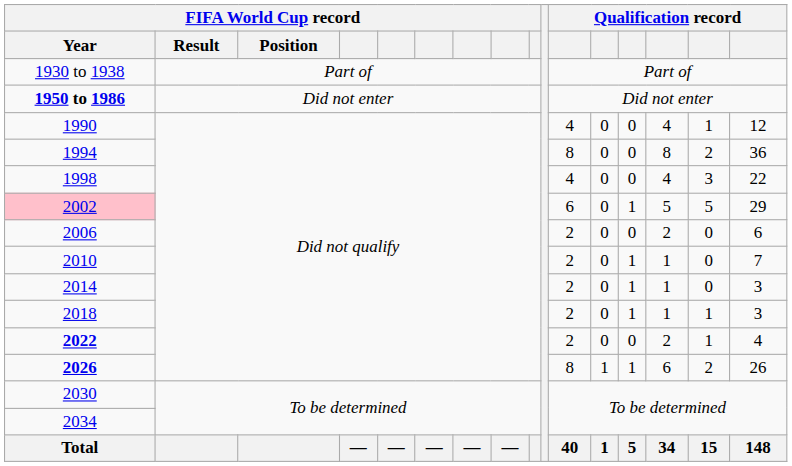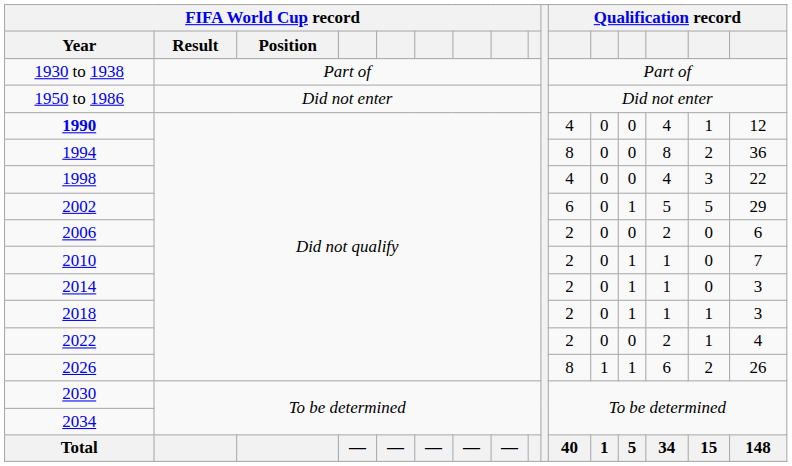 <table class="wikitable" style="text-align: center">
 <tr>
 <th colspan="9"><a href='#'>FIFA World Cup</a> record</th>
 <th rowspan="17" style="width:1%;"></th>
 <th colspan="7"><a href='#'>Qualification</a> record</th>
 </tr>
 <tr>
 <th>Year</th>
 <th>Result</th>
 <th>Position</th>
 <th></th>
 <th></th>
 <th></th>
 <th></th>
 <th></th>
 <th></th>
 <th></th>
 <th></th>
 <th></th>
 <th></th>
 <th></th>
 <th></th>
 </tr>
 <tr>
 <td><a href='#'>1930</a> to <a href='#'>1938</a></td>
 <td colspan="8"><em>Part of </em></td>
 <td colspan="6"><em>Part of </em></td>
 </tr>
 <tr>
-<td><strong><a href='#'>1950</a> to <a href='#'>1986</a></strong></td>
+<td><a href='#'>1950</a> to <a href='#'>1986</a></td>
 <td colspan="8"><em>Did not enter</em></td>
 <td colspan="6"><em>Did not enter</em></td>
 </tr>
 <tr>
-<td> <a href='#'>1990</a></td>
+<td><strong> <a href='#'>1990</a></strong></td>
 <td colspan="8" rowspan="10"><em>Did not qualify</em></td>
 <td>4</td>
 <td>0</td>
 <td>0</td>
 <td>4</td>
 <td>1</td>
 <td>12</td>
 </tr>
 <tr>
 <td> <a href='#'>1994</a></td>
 <td>8</td>
 <td>0</td>
 <td>0</td>
 <td>8</td>
 <td>2</td>
 <td>36</td>
 </tr>
 <tr>
 <td> <a href='#'>1998</a></td>
 <td>4</td>
 <td>0</td>
 <td>0</td>
 <td>4</td>
 <td>3</td>
 <td>22</td>
 </tr>
 <tr>
-<td style="background: pink;">  <a href='#'>2002</a></td>
+<td>  <a href='#'>2002</a></td>
 <td>6</td>
 <td>0</td>
 <td>1</td>
 <td>5</td>
 <td>5</td>
 <td>29</td>
 </tr>
 <tr>
 <td> <a href='#'>2006</a></td>
 <td>2</td>
 <td>0</td>
 <td>0</td>
 <td>2</td>
 <td>0</td>
 <td>6</td>
 </tr>
 <tr>
 <td> <a href='#'>2010</a></td>
 <td>2</td>
 <td>0</td>
 <td>1</td>
 <td>1</td>
 <td>0</td>
 <td>7</td>
 </tr>
 <tr>
 <td> <a href='#'>2014</a></td>
 <td>2</td>
 <td>0</td>
 <td>1</td>
 <td>1</td>
 <td>0</td>
 <td>3</td>
 </tr>
 <tr>
 <td> <a href='#'>2018</a></td>
 <td>2</td>
 <td>0</td>
 <td>1</td>
 <td>1</td>
 <td>1</td>
 <td>3</td>
 </tr>
 <tr>
-<td><strong> <a href='#'>2022</a></strong></td>
+<td> <a href='#'>2022</a></td>
 <td>2</td>
 <td>0</td>
 <td>0</td>
 <td>2</td>
 <td>1</td>
 <td>4</td>
 </tr>
 <tr>
-<td><strong>   <a href='#'>2026</a></strong></td>
+<td>   <a href='#'>2026</a></td>
 <td>8</td>
 <td>1</td>
 <td>1</td>
 <td>6</td>
 <td>2</td>
 <td>26</td>
 </tr>
 <tr>
 <td>   <a href='#'>2030</a></td>
 <td colspan="8" rowspan="2"><em>To be determined</em></td>
 <td colspan="6" rowspan="2"><em>To be determined</em></td>
 </tr>
 <tr>
 <td> <a href='#'>2034</a></td>
 </tr>
 <tr>
 <th>Total</th>
 <th></th>
 <th></th>
 <th>—</th>
 <th>—</th>
 <th>—</th>
 <th>—</th>
 <th>—</th>
 <th></th>
 <th>40</th>
 <th>1</th>
 <th>5</th>
 <th>34</th>
 <th>15</th>
 <th>148</th>
 </tr>
 </table>
